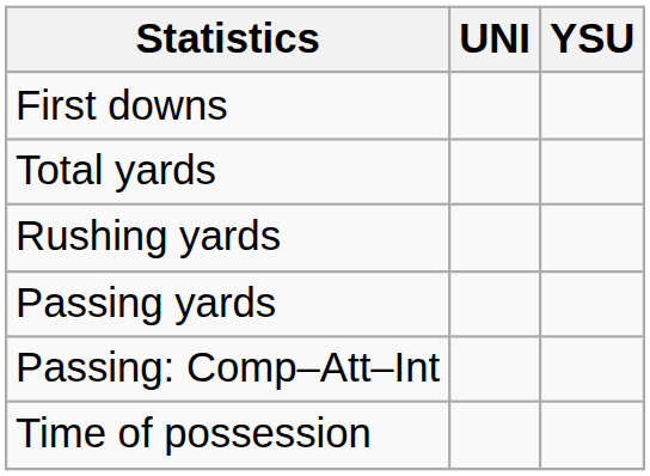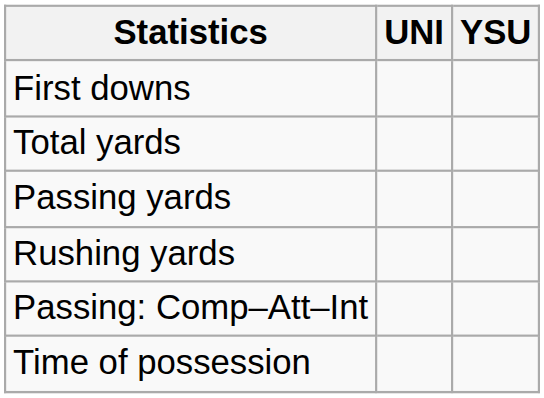 <table class="wikitable" style="float: left;">
 <tr>
 <th>Statistics</th>
 <th>UNI</th>
 <th>YSU</th>
 </tr>
 <tr>
 <td>First downs</td>
 <td></td>
 <td></td>
 </tr>
 <tr>
 <td>Total yards</td>
 <td></td>
 <td></td>
 </tr>
 <tr>
-<td>Rushing yards</td>
+<td>Passing yards</td>
 <td></td>
 <td></td>
 </tr>
 <tr>
-<td>Passing yards</td>
+<td>Rushing yards</td>
 <td></td>
 <td></td>
 </tr>
 <tr>
 <td>Passing: Comp–Att–Int</td>
 <td></td>
 <td></td>
 </tr>
 <tr>
 <td>Time of possession</td>
 <td></td>
 <td></td>
 </tr>
 <tr>
 </tr>
 </table>
